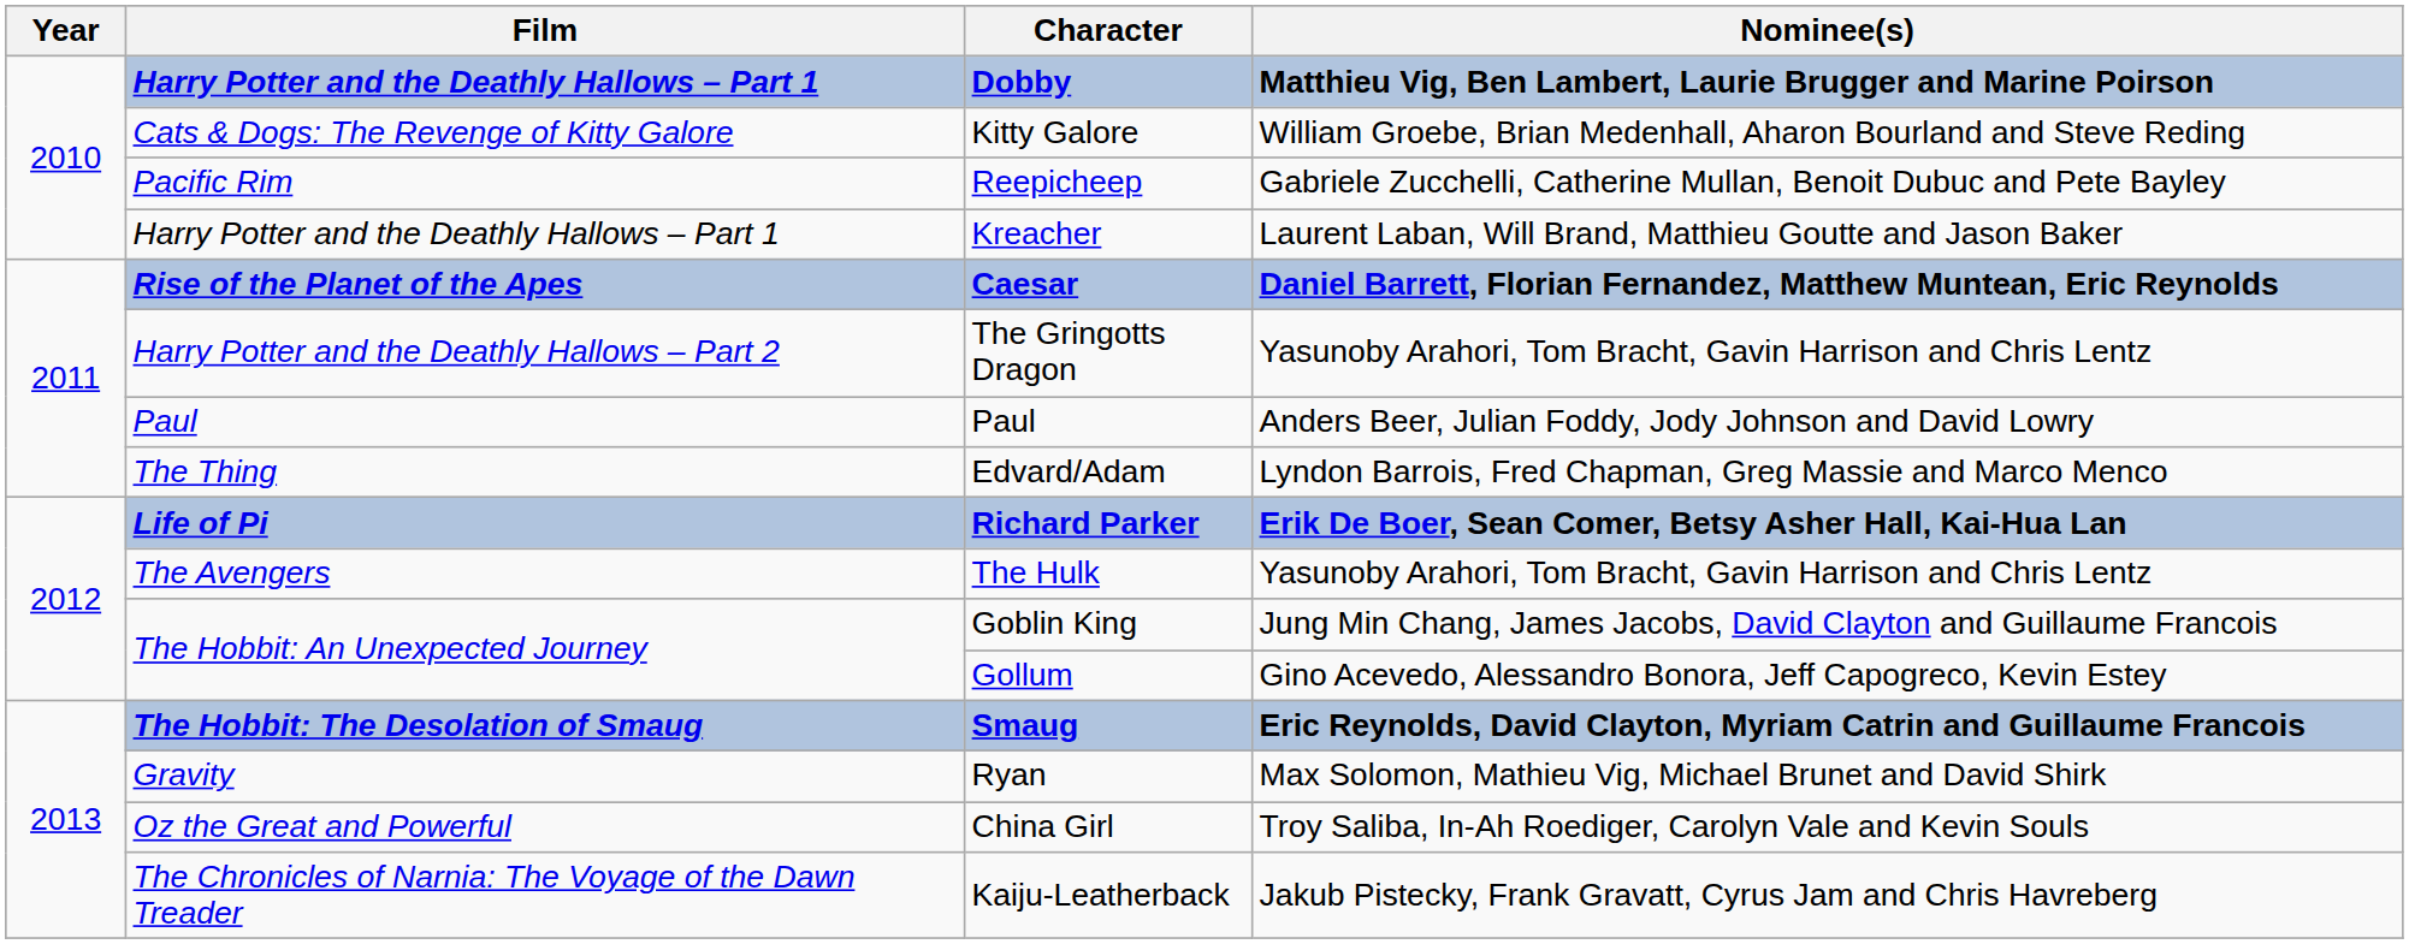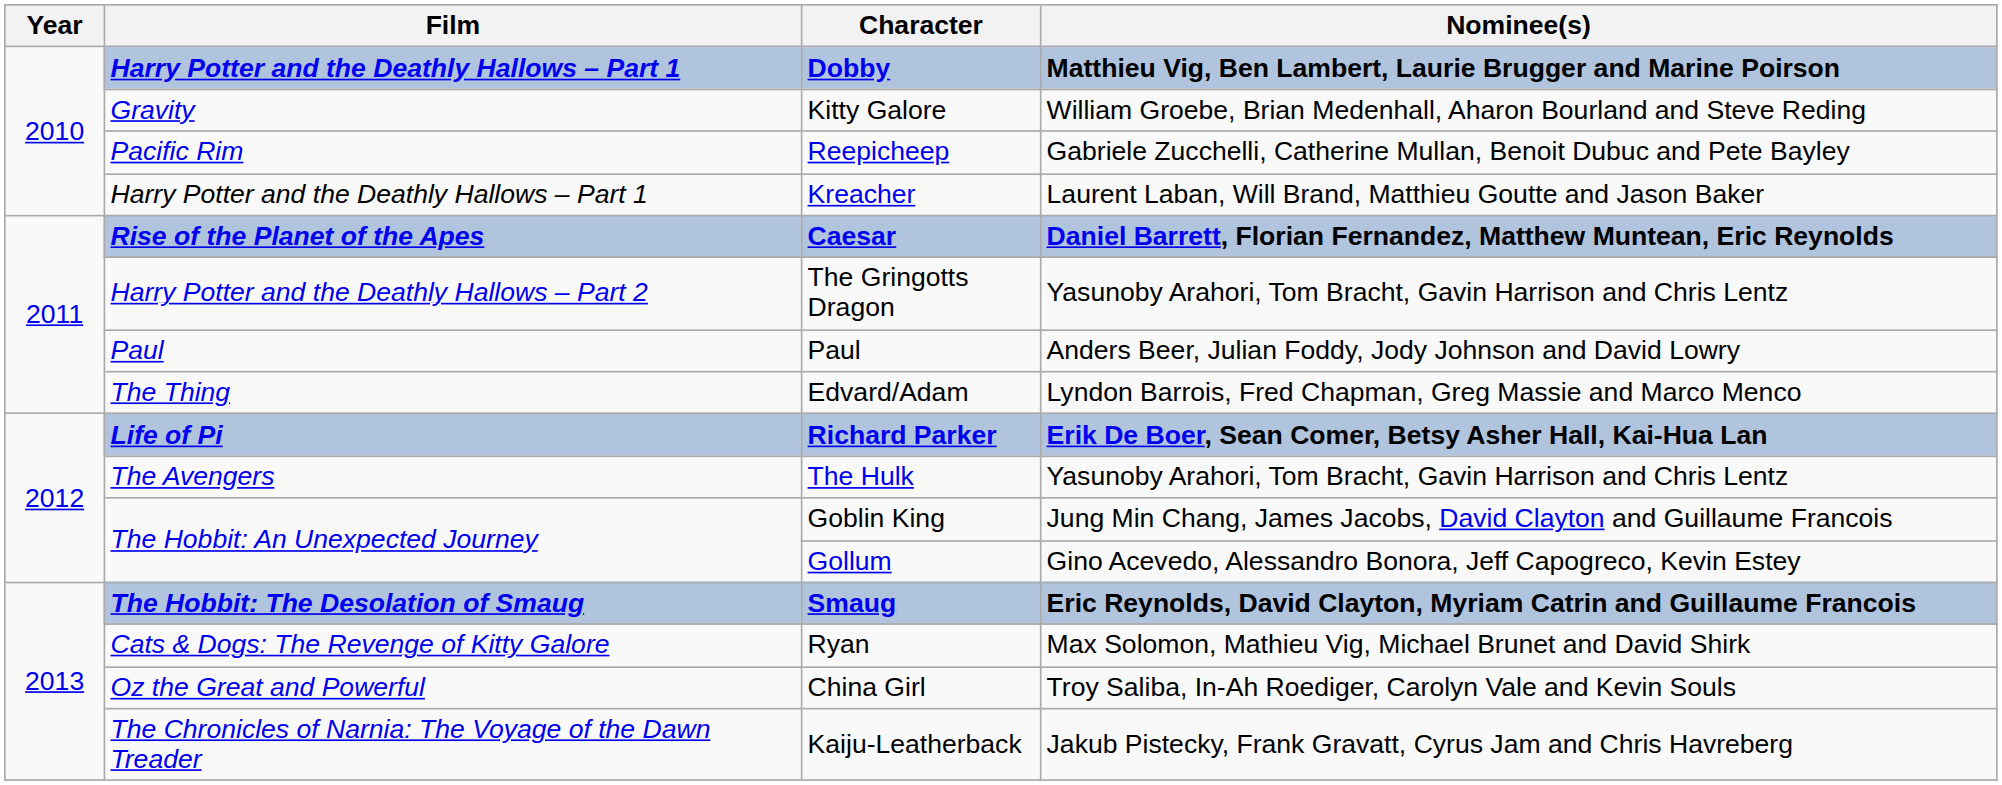 <table class="wikitable" width="95%" cellpadding="5">
 <tr>
 <th width="5%">Year</th>
 <th width="35%">Film</th>
 <th width="12%">Character</th>
 <th width="50%">Nominee(s)</th>
 </tr>
 <tr>
 <td rowspan="4" style="text-align:center;"><a href='#'>2010</a><br></td>
 <td style="background:#B0C4DE;"><strong><em><a href='#'>Harry Potter and the Deathly Hallows – Part 1</a></em></strong></td>
 <td style="background:#B0C4DE;"><strong><a href='#'>Dobby</a></strong></td>
 <td style="background:#B0C4DE;"><strong>Matthieu Vig, Ben Lambert, Laurie Brugger and Marine Poirson</strong></td>
 </tr>
 <tr>
-<td><em><a href='#'>Cats & Dogs: The Revenge of Kitty Galore</a></em></td>
+<td><em><a href='#'>Gravity</a></em></td>
 <td>Kitty Galore</td>
 <td>William Groebe, Brian Medenhall, Aharon Bourland and Steve Reding</td>
 </tr>
 <tr>
 <td><em><a href='#'>Pacific Rim</a></em></td>
 <td><a href='#'>Reepicheep</a></td>
 <td>Gabriele Zucchelli, Catherine Mullan, Benoit Dubuc and Pete Bayley</td>
 </tr>
 <tr>
 <td><em>Harry Potter and the Deathly Hallows – Part 1</em></td>
 <td><a href='#'>Kreacher</a></td>
 <td>Laurent Laban, Will Brand, Matthieu Goutte and Jason Baker</td>
 </tr>
 <tr>
 <td rowspan="4" style="text-align:center;"><a href='#'>2011</a><br></td>
 <td style="background:#B0C4DE;"><strong><em><a href='#'>Rise of the Planet of the Apes</a></em></strong></td>
 <td style="background:#B0C4DE;"><strong><a href='#'>Caesar</a></strong></td>
 <td style="background:#B0C4DE;"><strong><a href='#'>Daniel Barrett</a>, Florian Fernandez, Matthew Muntean, Eric Reynolds</strong></td>
 </tr>
 <tr>
 <td><em><a href='#'>Harry Potter and the Deathly Hallows – Part 2</a></em></td>
 <td>The Gringotts Dragon</td>
 <td>Yasunoby Arahori, Tom Bracht, Gavin Harrison and Chris Lentz</td>
 </tr>
 <tr>
 <td><em><a href='#'>Paul</a></em></td>
 <td>Paul</td>
 <td>Anders Beer, Julian Foddy, Jody Johnson and David Lowry</td>
 </tr>
 <tr>
 <td><em><a href='#'>The Thing</a></em></td>
 <td>Edvard/Adam</td>
 <td>Lyndon Barrois, Fred Chapman, Greg Massie and Marco Menco</td>
 </tr>
 <tr>
 <td rowspan="4" style="text-align:center;"><a href='#'>2012</a><br></td>
 <td style="background:#B0C4DE;"><strong><em><a href='#'>Life of Pi</a></em></strong></td>
 <td style="background:#B0C4DE;"><strong><a href='#'>Richard Parker</a></strong></td>
 <td style="background:#B0C4DE;"><strong><a href='#'>Erik De Boer</a>, Sean Comer, Betsy Asher Hall, Kai-Hua Lan</strong></td>
 </tr>
 <tr>
 <td><em><a href='#'>The Avengers</a></em></td>
 <td><a href='#'>The Hulk</a></td>
 <td>Yasunoby Arahori, Tom Bracht, Gavin Harrison and Chris Lentz</td>
 </tr>
 <tr>
 <td rowspan="2"><em><a href='#'>The Hobbit: An Unexpected Journey</a></em></td>
 <td>Goblin King</td>
 <td>Jung Min Chang, James Jacobs, <a href='#'>David Clayton</a> and Guillaume Francois</td>
 </tr>
 <tr>
 <td><a href='#'>Gollum</a></td>
 <td>Gino Acevedo, Alessandro Bonora, Jeff Capogreco, Kevin Estey</td>
 </tr>
 <tr>
 <td rowspan="4" style="text-align:center;"><a href='#'>2013</a><br></td>
 <td style="background:#B0C4DE;"><strong><em><a href='#'>The Hobbit: The Desolation of Smaug</a></em></strong></td>
 <td style="background:#B0C4DE;"><strong><a href='#'>Smaug</a></strong></td>
 <td style="background:#B0C4DE;"><strong>Eric Reynolds, David Clayton, Myriam Catrin and Guillaume Francois</strong></td>
 </tr>
 <tr>
-<td><em><a href='#'>Gravity</a></em></td>
+<td><em><a href='#'>Cats & Dogs: The Revenge of Kitty Galore</a></em></td>
 <td>Ryan</td>
 <td>Max Solomon, Mathieu Vig, Michael Brunet and David Shirk</td>
 </tr>
 <tr>
 <td><em><a href='#'>Oz the Great and Powerful</a></em></td>
 <td>China Girl</td>
 <td>Troy Saliba, In-Ah Roediger, Carolyn Vale and Kevin Souls</td>
 </tr>
 <tr>
 <td><em><a href='#'>The Chronicles of Narnia: The Voyage of the Dawn Treader </a></em></td>
 <td>Kaiju-Leatherback</td>
 <td>Jakub Pistecky, Frank Gravatt, Cyrus Jam and Chris Havreberg</td>
 </tr>
 </table>
